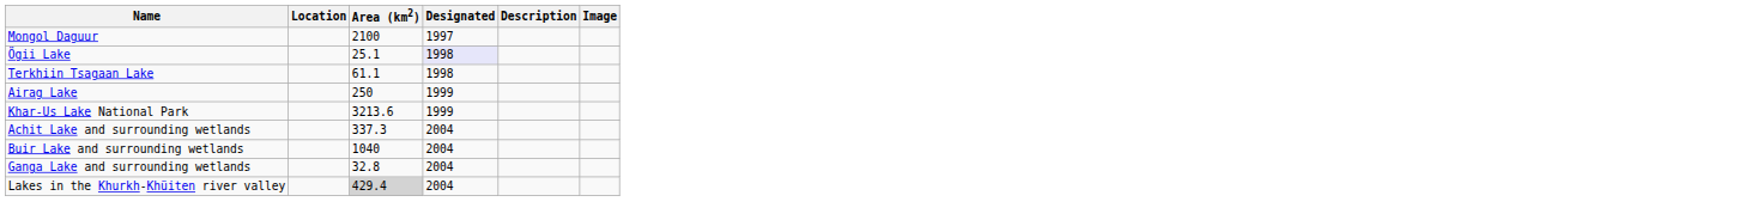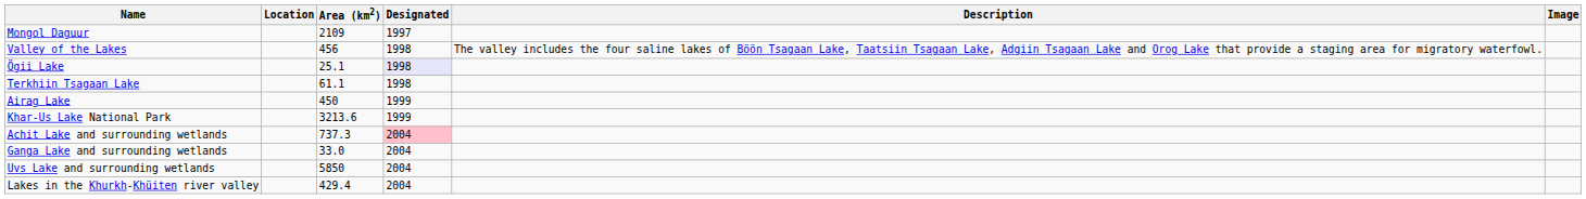 <table class="wikitable sortable">
 <tr>
 <th style="background-color:">Name</th>
 <th style="background-color:">Location</th>
 <th style="background-color:">Area (km<sup>2</sup>)</th>
 <th style="background-color:">Designated</th>
 <th style="background-color:">Description</th>
 <th style="background-color:">Image</th>
 </tr>
 <tr>
 <td><a href='#'>Mongol Daguur</a></td>
 <td><small></small></td>
-<td>2100</td>
+<td>2109</td>
 <td>1997</td>
 <td></td>
+<td></td>
+</tr>
+<tr>
+<td><a href='#'>Valley of the Lakes</a></td>
+<td><small></small></td>
+<td>456</td>
+<td>1998</td>
+<td>The valley includes the four saline lakes of <a href='#'>Böön Tsagaan Lake</a>, <a href='#'>Taatsiin Tsagaan Lake</a>, <a href='#'>Adgiin Tsagaan Lake</a> and <a href='#'>Orog Lake</a> that provide a staging area for migratory waterfowl.</td>
 <td></td>
 </tr>
 <tr>
 <td><a href='#'>Ögii Lake</a></td>
 <td><small></small></td>
 <td>25.1</td>
 <td style="background: lavender;">1998</td>
 <td></td>
 <td></td>
 </tr>
 <tr>
 <td><a href='#'>Terkhiin Tsagaan Lake</a></td>
 <td><small></small></td>
 <td>61.1</td>
 <td>1998</td>
 <td></td>
 <td></td>
 </tr>
 <tr>
 <td><a href='#'>Airag Lake</a></td>
 <td><small></small></td>
-<td>250</td>
+<td>450</td>
 <td>1999</td>
 <td></td>
 <td></td>
 </tr>
 <tr>
 <td><a href='#'>Khar-Us Lake</a> National Park</td>
 <td><small></small></td>
 <td>3213.6</td>
 <td>1999</td>
 <td></td>
 <td></td>
 </tr>
 <tr>
 <td><a href='#'>Achit Lake</a> and surrounding wetlands</td>
 <td><small></small></td>
-<td>337.3</td>
-<td>2004</td>
-<td></td>
-<td></td>
-</tr>
-<tr>
-<td><a href='#'>Buir Lake</a> and surrounding wetlands</td>
-<td><small></small></td>
-<td>1040</td>
-<td>2004</td>
+<td>737.3</td>
+<td style="background: pink;">2004</td>
 <td></td>
 <td></td>
 </tr>
 <tr>
 <td><a href='#'>Ganga Lake</a> and surrounding wetlands</td>
 <td><small></small></td>
-<td>32.8</td>
+<td>33.0</td>
+<td>2004</td>
+<td></td>
+<td></td>
+</tr>
+<tr>
+<td><a href='#'>Uvs Lake</a> and surrounding wetlands</td>
+<td><small></small></td>
+<td>5850</td>
 <td>2004</td>
 <td></td>
 <td></td>
 </tr>
 <tr>
 <td>Lakes in the <a href='#'>Khurkh</a>-<a href='#'>Khüiten</a> river valley</td>
 <td><small></small></td>
-<td style="background: lightgrey;">429.4</td>
+<td>429.4</td>
 <td>2004</td>
 <td></td>
 <td></td>
 </tr>
 </table>
